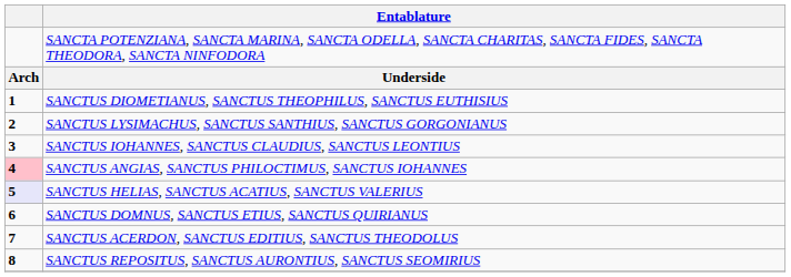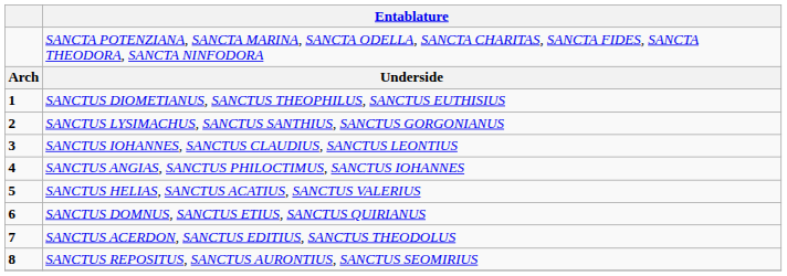 <table class="wikitable">
 <tr>
 <th></th>
 <th><a href='#'>Entablature</a></th>
 </tr>
 <tr>
 <td></td>
 <td><em><a href='#'>SANCTA POTENZIANA</a>, <a href='#'>SANCTA MARINA</a>, <a href='#'>SANCTA ODELLA</a>, <a href='#'>SANCTA CHARITAS</a>, <a href='#'>SANCTA FIDES</a>, <a href='#'>SANCTA THEODORA</a>, <a href='#'>SANCTA NINFODORA</a></em></td>
 </tr>
 <tr>
 <th>Arch</th>
 <th>Underside</th>
 </tr>
 <tr>
 <td><strong>1</strong></td>
 <td><em><a href='#'>SANCTUS DIOMETIANUS</a>, <a href='#'>SANCTUS THEOPHILUS</a>, <a href='#'>SANCTUS EUTHISIUS</a></em></td>
 </tr>
 <tr>
 <td><strong>2</strong></td>
 <td><em><a href='#'>SANCTUS LYSIMACHUS</a>, <a href='#'>SANCTUS SANTHIUS</a>, <a href='#'>SANCTUS GORGONIANUS</a></em></td>
 </tr>
 <tr>
 <td><strong>3</strong></td>
 <td><em><a href='#'>SANCTUS IOHANNES</a>, <a href='#'>SANCTUS CLAUDIUS</a>, <a href='#'>SANCTUS LEONTIUS</a></em></td>
 </tr>
 <tr>
-<td style="background: pink;"><strong>4</strong></td>
+<td><strong>4</strong></td>
 <td><em><a href='#'>SANCTUS ANGIAS</a>, <a href='#'>SANCTUS PHILOCTIMUS</a>, <a href='#'>SANCTUS IOHANNES</a></em></td>
 </tr>
 <tr>
-<td style="background: lavender;"><strong>5</strong></td>
+<td><strong>5</strong></td>
 <td><em><a href='#'>SANCTUS HELIAS</a>, <a href='#'>SANCTUS ACATIUS</a>, <a href='#'>SANCTUS VALERIUS</a></em></td>
 </tr>
 <tr>
 <td><strong>6</strong></td>
 <td><em><a href='#'>SANCTUS DOMNUS</a>, <a href='#'>SANCTUS ETIUS</a>, <a href='#'>SANCTUS QUIRIANUS</a></em></td>
 </tr>
 <tr>
 <td><strong>7</strong></td>
 <td><em><a href='#'>SANCTUS ACERDON</a>, <a href='#'>SANCTUS EDITIUS</a>, <a href='#'>SANCTUS THEODOLUS</a></em></td>
 </tr>
 <tr>
 <td><strong>8</strong></td>
 <td><em><a href='#'>SANCTUS REPOSITUS</a>, <a href='#'>SANCTUS AURONTIUS</a>, <a href='#'>SANCTUS SEOMIRIUS</a></em></td>
 </tr>
 <tr>
 </tr>
 </table>
